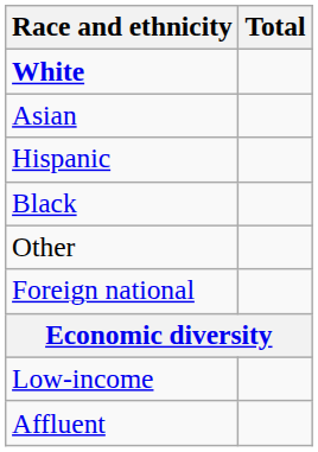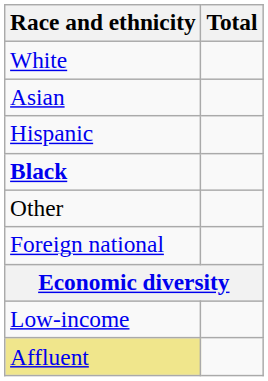 <table class="wikitable floatright sortable collapsible"; text-align:right; font-size:80%;">
 <tr>
 <th>Race and ethnicity</th>
 <th colspan="2" data-sort-type=number>Total</th>
 </tr>
 <tr>
-<td><strong><a href='#'>White</a></strong></td>
+<td><a href='#'>White</a></td>
 <td align=right></td>
 </tr>
 <tr>
 <td><a href='#'>Asian</a></td>
 <td align=right></td>
 </tr>
 <tr>
 <td><a href='#'>Hispanic</a></td>
 <td align=right></td>
 </tr>
 <tr>
-<td><a href='#'>Black</a></td>
+<td><strong><a href='#'>Black</a></strong></td>
 <td align=right></td>
 </tr>
 <tr>
 <td>Other</td>
 <td align=right></td>
 </tr>
 <tr>
 <td><a href='#'>Foreign national</a></td>
 <td align=right></td>
 </tr>
 <tr>
 <th colspan="4" data-sort-type=number><a href='#'>Economic diversity</a></th>
 </tr>
 <tr>
 <td><a href='#'>Low-income</a></td>
 <td align=right></td>
 </tr>
 <tr>
-<td><a href='#'>Affluent</a></td>
+<td style="background: khaki;"><a href='#'>Affluent</a></td>
 <td align=right></td>
 </tr>
 </table>
